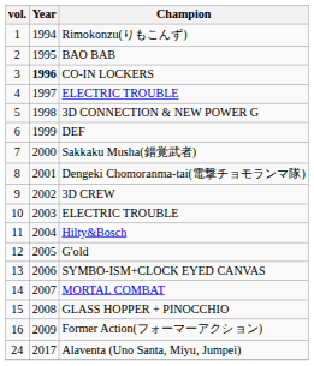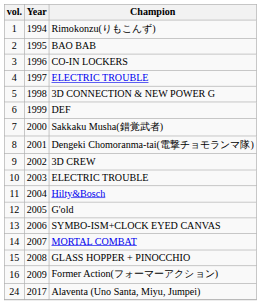 <table class="wikitable">
 <tr>
 <th>vol.</th>
 <th>Year</th>
 <th>Champion</th>
 </tr>
 <tr>
 <td style="text-align:center">1</td>
 <td>1994</td>
 <td>Rimokonzu(りもこんず)</td>
 </tr>
 <tr>
 <td style="text-align:center">2</td>
 <td>1995</td>
 <td>BAO BAB</td>
 </tr>
 <tr>
 <td style="text-align:center">3</td>
-<td><strong>1996</strong></td>
+<td>1996</td>
 <td>CO-IN LOCKERS</td>
 </tr>
 <tr>
 <td style="text-align:center">4</td>
 <td>1997</td>
 <td><a href='#'>ELECTRIC TROUBLE</a></td>
 </tr>
 <tr>
 <td style="text-align:center">5</td>
 <td>1998</td>
 <td>3D CONNECTION & NEW POWER G</td>
 </tr>
 <tr>
 <td style="text-align:center">6</td>
 <td>1999</td>
 <td>DEF</td>
 </tr>
 <tr>
 <td style="text-align:center">7</td>
 <td>2000</td>
 <td>Sakkaku Musha(錯覚武者)</td>
 </tr>
 <tr>
 <td style="text-align:center">8</td>
 <td>2001</td>
 <td>Dengeki Chomoranma-tai(電撃チョモランマ隊)</td>
 </tr>
 <tr>
 <td style="text-align:center">9</td>
 <td>2002</td>
 <td>3D CREW</td>
 </tr>
 <tr>
 <td style="text-align:center">10</td>
 <td>2003</td>
 <td>ELECTRIC TROUBLE</td>
 </tr>
 <tr>
 <td style="text-align:center">11</td>
 <td>2004</td>
 <td><a href='#'>Hilty&Bosch</a></td>
 </tr>
 <tr>
 <td style="text-align:center">12</td>
 <td>2005</td>
 <td>G'old</td>
 </tr>
 <tr>
 <td style="text-align:center">13</td>
 <td>2006</td>
 <td>SYMBO-ISM+CLOCK EYED CANVAS</td>
 </tr>
 <tr>
 <td style="text-align:center">14</td>
 <td>2007</td>
 <td><a href='#'>MORTAL COMBAT</a></td>
 </tr>
 <tr>
 <td style="text-align:center">15</td>
 <td>2008</td>
 <td>GLASS HOPPER + PINOCCHIO</td>
 </tr>
 <tr>
 <td style="text-align:center">16</td>
 <td>2009</td>
 <td>Former Action(フォーマーアクション)</td>
 </tr>
 <tr>
 <td style="text-align:center">24</td>
 <td>2017</td>
 <td>Alaventa (Uno Santa, Miyu, Jumpei)</td>
 </tr>
 <tr>
 </tr>
 </table>
